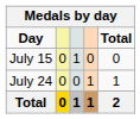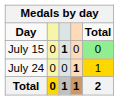 <table class="wikitable" style="font-size:85%; float:right">
 <tr align=center>
 <th colspan=7><strong>Medals by day</strong></th>
 </tr>
 <tr align=center>
 <td><strong>Day</strong></td>
 <td style="background:#f7f6a8;"></td>
 <td style="background:#dce5e5;"></td>
 <td style="background:#ffdab9;"></td>
 <td><strong>Total</strong></td>
 </tr>
 <tr align=center>
 <td>July 15</td>
 <td style="background:#f7f6a8;">0</td>
-<td style="background:#dce5e5;">1</td>
+<td style="background:#dce5e5;"><strong>1</strong></td>
 <td style="background:#ffdab9;">0</td>
-<td>0</td>
+<td style="background: lightgreen;">0</td>
 </tr>
 <tr align=center>
 <td>July 24</td>
 <td style="background:#f7f6a8;">0</td>
 <td style="background:#dce5e5;">0</td>
-<td style="background:#ffdab9;">1</td>
-<td>1</td>
+<td style="background:#ffdab9;"><strong>1</strong></td>
+<td style="background: gold;">1</td>
 </tr>
 <tr align=center>
 <th><strong>Total</strong></th>
 <th style="background:gold;"><strong>0</strong></th>
 <th style="background:silver;"><strong>1</strong></th>
 <th style="background:#c96;"><strong>1</strong></th>
 <th><strong>2</strong></th>
 </tr>
 </table>
